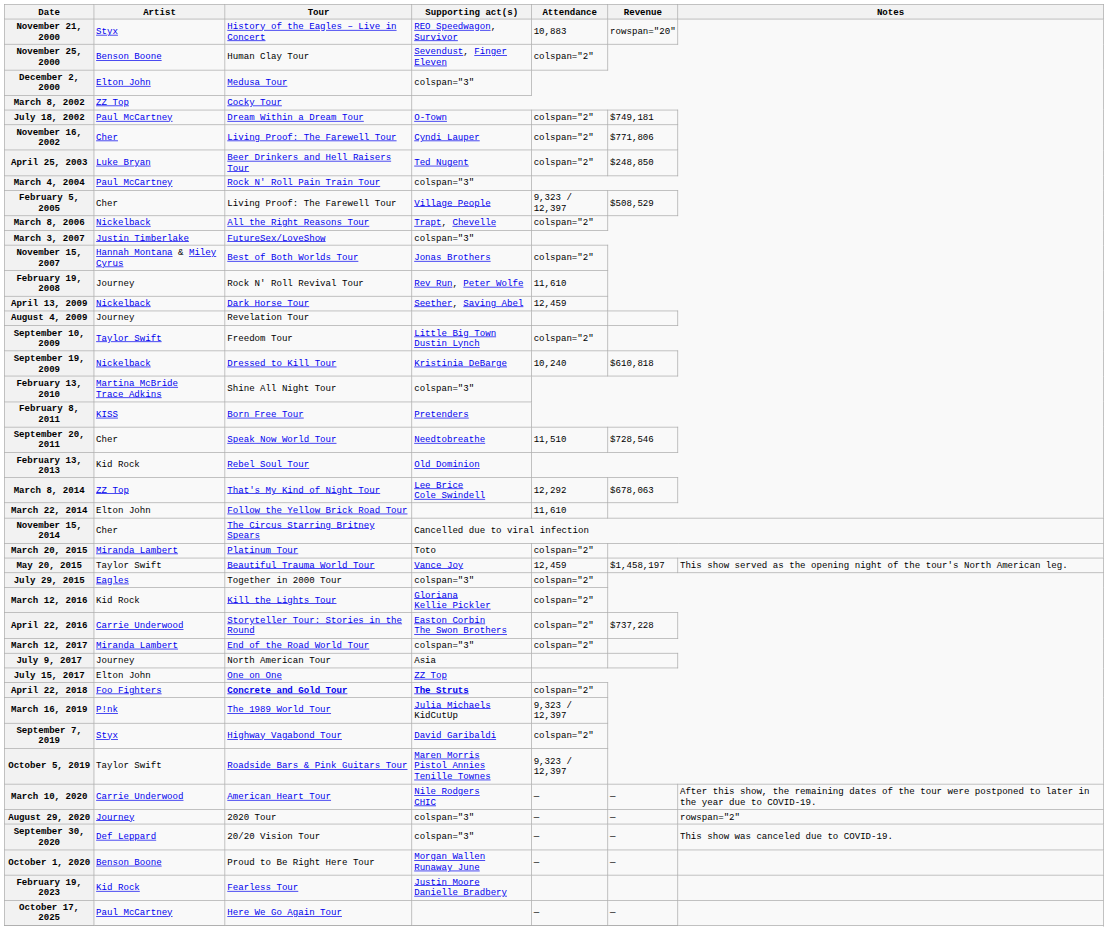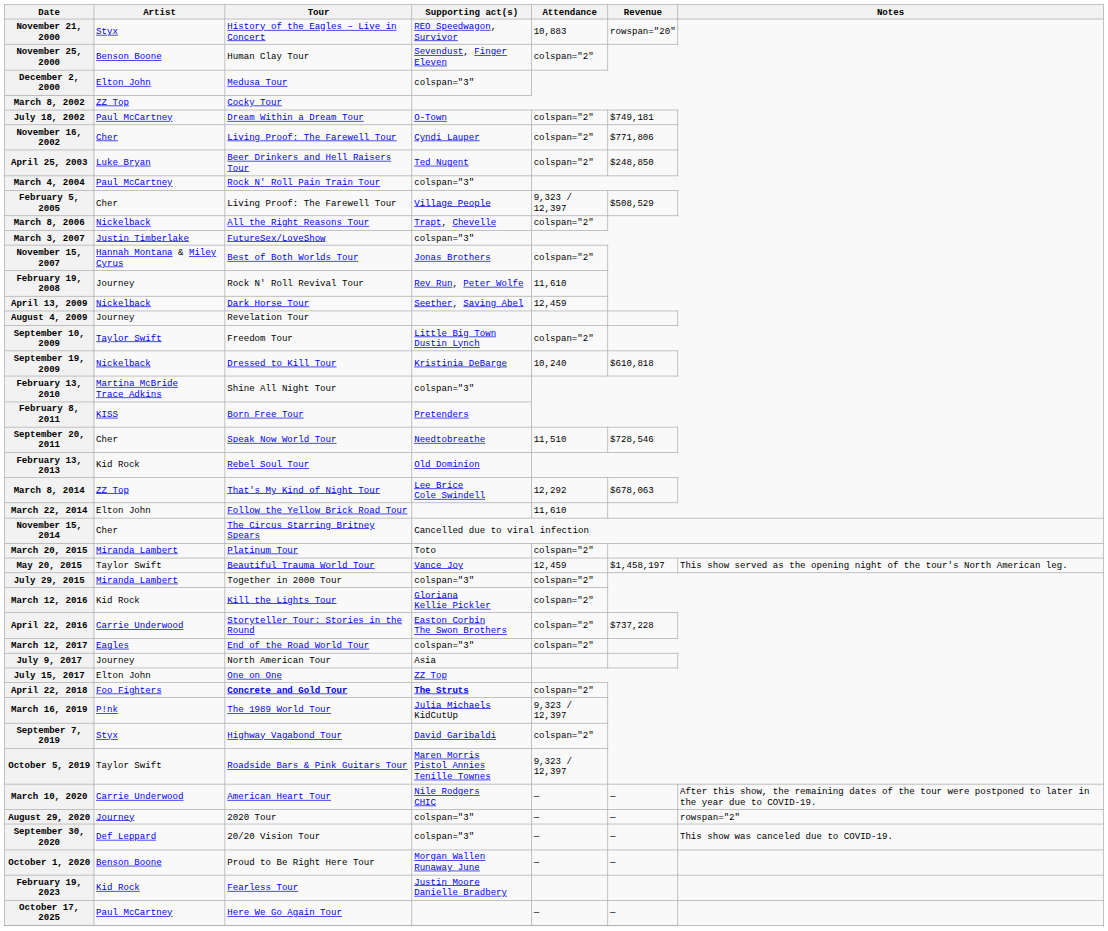 <table class="wikitable">
 <tr>
 <th>Date</th>
 <th>Artist</th>
 <th>Tour</th>
 <th>Supporting act(s)</th>
 <th>Attendance</th>
 <th>Revenue</th>
 <th>Notes</th>
 </tr>
 <tr>
 <th>November 21, 2000</th>
 <td><a href='#'>Styx</a></td>
 <td><a href='#'>History of the Eagles – Live in Concert</a></td>
 <td><a href='#'>REO Speedwagon</a>, <a href='#'>Survivor</a></td>
 <td>10,883</td>
 <td>rowspan="20" </td>
 </tr>
 <tr>
 <th>November 25, 2000</th>
 <td><a href='#'>Benson Boone</a></td>
 <td>Human Clay Tour</td>
 <td><a href='#'>Sevendust</a>, <a href='#'>Finger Eleven</a></td>
 <td>colspan="2" </td>
 </tr>
 <tr>
 <th>December 2, 2000</th>
 <td><a href='#'>Elton John</a></td>
 <td><a href='#'>Medusa Tour</a></td>
 <td>colspan="3" </td>
 </tr>
 <tr>
 <th>March 8, 2002</th>
 <td><a href='#'>ZZ Top</a></td>
 <td><a href='#'>Cocky Tour</a></td>
 </tr>
 <tr>
 <th>July 18, 2002</th>
 <td><a href='#'>Paul McCartney</a></td>
 <td><a href='#'>Dream Within a Dream Tour</a></td>
 <td><a href='#'>O-Town</a></td>
 <td>colspan="2" </td>
 <td>$749,181</td>
 </tr>
 <tr>
 <th>November 16, 2002</th>
 <td><a href='#'>Cher</a></td>
 <td><a href='#'>Living Proof: The Farewell Tour</a></td>
 <td><a href='#'>Cyndi Lauper</a></td>
 <td>colspan="2" </td>
 <td>$771,806</td>
 </tr>
 <tr>
 <th>April 25, 2003</th>
 <td><a href='#'>Luke Bryan</a></td>
 <td><a href='#'>Beer Drinkers and Hell Raisers Tour</a></td>
 <td><a href='#'>Ted Nugent</a></td>
 <td>colspan="2" </td>
 <td>$248,850</td>
 </tr>
 <tr>
 <th>March 4, 2004</th>
 <td><a href='#'>Paul McCartney</a></td>
 <td><a href='#'>Rock N' Roll Pain Train Tour</a></td>
 <td>colspan="3" </td>
 </tr>
 <tr>
 <th>February 5, 2005</th>
 <td>Cher</td>
 <td>Living Proof: The Farewell Tour</td>
 <td><a href='#'>Village People</a></td>
 <td>9,323 / 12,397</td>
 <td>$508,529</td>
 </tr>
 <tr>
 <th>March 8, 2006</th>
 <td><a href='#'>Nickelback</a></td>
 <td><a href='#'>All the Right Reasons Tour</a></td>
 <td><a href='#'>Trapt</a>, <a href='#'>Chevelle</a></td>
 <td>colspan="2" </td>
 </tr>
 <tr>
 <th>March 3, 2007</th>
 <td><a href='#'>Justin Timberlake</a></td>
 <td><a href='#'>FutureSex/LoveShow</a></td>
 <td>colspan="3" </td>
 </tr>
 <tr>
 <th>November 15, 2007</th>
 <td><a href='#'>Hannah Montana</a> & <a href='#'>Miley Cyrus</a></td>
 <td><a href='#'>Best of Both Worlds Tour</a></td>
 <td><a href='#'>Jonas Brothers</a></td>
 <td>colspan="2" </td>
 </tr>
 <tr>
 <th>February 19, 2008</th>
 <td>Journey</td>
 <td>Rock N' Roll Revival Tour</td>
 <td><a href='#'>Rev Run</a>, <a href='#'>Peter Wolfe</a></td>
 <td>11,610</td>
 </tr>
 <tr>
 <th>April 13, 2009</th>
 <td><a href='#'>Nickelback</a></td>
 <td><a href='#'>Dark Horse Tour</a></td>
 <td><a href='#'>Seether</a>, <a href='#'>Saving Abel</a></td>
 <td>12,459</td>
 </tr>
 <tr>
 <th>August 4, 2009</th>
 <td>Journey</td>
 <td>Revelation Tour</td>
 <td></td>
 <td></td>
 <td></td>
 </tr>
 <tr>
 <th>September 10, 2009</th>
 <td><a href='#'>Taylor Swift</a></td>
 <td>Freedom Tour</td>
 <td><a href='#'>Little Big Town</a><br><a href='#'>Dustin Lynch</a></td>
 <td>colspan="2" </td>
 </tr>
 <tr>
 <th>September 19, 2009</th>
 <td><a href='#'>Nickelback</a></td>
 <td><a href='#'>Dressed to Kill Tour</a></td>
 <td><a href='#'>Kristinia DeBarge</a></td>
 <td>10,240</td>
 <td>$610,818</td>
 </tr>
 <tr>
 <th>February 13, 2010</th>
 <td><a href='#'>Martina McBride</a><br><a href='#'>Trace Adkins</a></td>
 <td>Shine All Night Tour</td>
 <td>colspan="3" </td>
 </tr>
 <tr>
 <th>February 8, 2011</th>
 <td><a href='#'>KISS</a></td>
 <td><a href='#'>Born Free Tour</a></td>
 <td><a href='#'>Pretenders</a></td>
 </tr>
 <tr>
 <th>September 20, 2011</th>
 <td>Cher</td>
 <td><a href='#'>Speak Now World Tour</a></td>
 <td><a href='#'>Needtobreathe</a></td>
 <td>11,510</td>
 <td>$728,546</td>
 </tr>
 <tr>
 <th>February 13, 2013</th>
 <td>Kid Rock</td>
 <td><a href='#'>Rebel Soul Tour</a></td>
 <td><a href='#'>Old Dominion</a></td>
 </tr>
 <tr>
 <th>March 8, 2014</th>
 <td><a href='#'>ZZ Top</a></td>
 <td><a href='#'>That's My Kind of Night Tour</a></td>
 <td><a href='#'>Lee Brice</a><br><a href='#'>Cole Swindell</a></td>
 <td>12,292</td>
 <td>$678,063</td>
 </tr>
 <tr>
 <th>March 22, 2014</th>
 <td>Elton John</td>
 <td><a href='#'>Follow the Yellow Brick Road Tour</a></td>
 <td></td>
 <td>11,610</td>
 </tr>
 <tr>
 <th>November 15, 2014</th>
 <td>Cher</td>
 <td><a href='#'>The Circus Starring Britney Spears</a></td>
 <td colspan="4">Cancelled due to viral infection</td>
 </tr>
 <tr>
 <th>March 20, 2015</th>
 <td><a href='#'>Miranda Lambert</a></td>
 <td><a href='#'>Platinum Tour</a></td>
 <td>Toto</td>
 <td>colspan="2" </td>
 </tr>
 <tr>
 <th>May 20, 2015</th>
 <td>Taylor Swift</td>
 <td><a href='#'>Beautiful Trauma World Tour</a></td>
 <td><a href='#'>Vance Joy</a></td>
 <td>12,459</td>
 <td>$1,458,197</td>
 <td>This show served as the opening night of the tour's North American leg.</td>
 </tr>
 <tr>
 <th>July 29, 2015</th>
-<td><a href='#'>Eagles</a></td>
+<td><a href='#'>Miranda Lambert</a></td>
 <td>Together in 2000 Tour</td>
 <td>colspan="3" </td>
 <td>colspan="2" </td>
 </tr>
 <tr>
 <th>March 12, 2016</th>
 <td>Kid Rock</td>
 <td><a href='#'>Kill the Lights Tour</a></td>
 <td><a href='#'>Gloriana</a><br><a href='#'>Kellie Pickler</a></td>
 <td>colspan="2" </td>
 </tr>
 <tr>
 <th>April 22, 2016</th>
 <td><a href='#'>Carrie Underwood</a></td>
 <td><a href='#'>Storyteller Tour: Stories in the Round</a></td>
 <td><a href='#'>Easton Corbin</a><br><a href='#'>The Swon Brothers</a></td>
 <td>colspan="2" </td>
 <td>$737,228</td>
 </tr>
 <tr>
 <th>March 12, 2017</th>
-<td><a href='#'>Miranda Lambert</a></td>
+<td><a href='#'>Eagles</a></td>
 <td><a href='#'>End of the Road World Tour</a></td>
 <td>colspan="3" </td>
 <td>colspan="2" </td>
 </tr>
 <tr>
 <th>July 9, 2017</th>
 <td>Journey</td>
 <td>North American Tour</td>
 <td>Asia</td>
 <td></td>
 <td></td>
 </tr>
 <tr>
 <th>July 15, 2017</th>
 <td>Elton John</td>
 <td><a href='#'>One on One</a></td>
 <td><a href='#'>ZZ Top</a></td>
 </tr>
 <tr>
 <th>April 22, 2018</th>
 <td><a href='#'>Foo Fighters</a></td>
 <td><strong><a href='#'>Concrete and Gold Tour</a></strong></td>
 <td><strong><a href='#'>The Struts</a></strong></td>
 <td>colspan="2" </td>
 </tr>
 <tr>
 <th>March 16, 2019</th>
 <td><a href='#'>P!nk</a></td>
 <td><a href='#'>The 1989 World Tour</a></td>
 <td><a href='#'>Julia Michaels</a><br>KidCutUp</td>
 <td>9,323 / 12,397</td>
 </tr>
 <tr>
 <th>September 7, 2019</th>
 <td><a href='#'>Styx</a></td>
 <td><a href='#'>Highway Vagabond Tour</a></td>
 <td><a href='#'>David Garibaldi</a></td>
 <td>colspan="2" </td>
 </tr>
 <tr>
 <th>October 5, 2019</th>
 <td>Taylor Swift</td>
 <td><a href='#'>Roadside Bars & Pink Guitars Tour</a></td>
 <td><a href='#'>Maren Morris</a><br><a href='#'>Pistol Annies</a><br><a href='#'>Tenille Townes</a></td>
 <td>9,323 / 12,397</td>
 </tr>
 <tr>
 <th>March 10, 2020</th>
 <td><a href='#'>Carrie Underwood</a></td>
 <td><a href='#'>American Heart Tour</a></td>
 <td><a href='#'>Nile Rodgers</a><br><a href='#'>CHIC</a></td>
 <td>—</td>
 <td>—</td>
 <td>After this show, the remaining dates of the tour were postponed to later in the year due to COVID-19.</td>
 </tr>
 <tr>
 <th>August 29, 2020</th>
 <td><a href='#'>Journey</a></td>
 <td>2020 Tour</td>
 <td>colspan="3" </td>
 <td>—</td>
 <td>—</td>
 <td>rowspan="2" </td>
 </tr>
 <tr>
 <th>September 30, 2020</th>
 <td><a href='#'>Def Leppard</a></td>
 <td>20/20 Vision Tour</td>
 <td>colspan="3" </td>
 <td>—</td>
 <td>—</td>
 <td>This show was canceled due to COVID-19.</td>
 </tr>
 <tr>
 <th>October 1, 2020</th>
 <td><a href='#'>Benson Boone</a></td>
 <td>Proud to Be Right Here Tour</td>
 <td><a href='#'>Morgan Wallen</a><br><a href='#'>Runaway June</a></td>
 <td>—</td>
 <td>—</td>
 </tr>
 <tr>
 <th>February 19, 2023</th>
 <td><a href='#'>Kid Rock</a></td>
 <td><a href='#'>Fearless Tour</a></td>
 <td><a href='#'>Justin Moore</a><br><a href='#'>Danielle Bradbery</a></td>
 <td></td>
 <td></td>
 <td></td>
 </tr>
 <tr>
 <th>October 17, 2025</th>
 <td><a href='#'>Paul McCartney</a></td>
 <td><a href='#'>Here We Go Again Tour</a></td>
 <td></td>
 <td>—</td>
 <td>—</td>
 </tr>
 <tr>
 </tr>
 </table>
